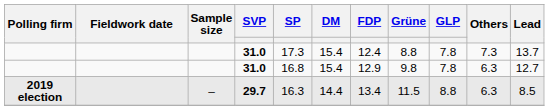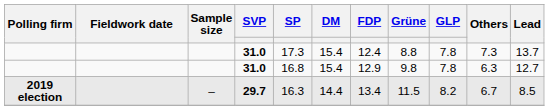 <table class="wikitable sortable" style="text-align:center;font-size:90%;line-height:14px;">
 <tr style="height:40px;">
 <th style="width:80px;" rowspan="2">Polling firm</th>
 <th style="width:130px;" rowspan="2">Fieldwork date</th>
 <th style="width:35px;" rowspan="2">Sample<br>size</th>
 <th class="unsortable" style="width:40px;"><a href='#'>SVP</a></th>
 <th class="unsortable" style="width:40px;"><a href='#'>SP</a></th>
 <th class="unsortable" style="width:40px;"><a href='#'>DM</a></th>
 <th class="unsortable" style="width:40px;"><a href='#'>FDP</a></th>
 <th class="unsortable" style="width:40px;"><a href='#'>Grüne</a></th>
 <th class="unsortable" style="width:40px;"><a href='#'>GLP</a></th>
 <th class="unsortable" style="width:30px;" rowspan="2">Others</th>
 <th style="width:30px;" rowspan="2">Lead</th>
 </tr>
 <tr>
 <th style="background:"></th>
 <th style="background:"></th>
 <th style="background:"></th>
 <th style="background:"></th>
 <th style="background:"></th>
 <th style="background:"></th>
 </tr>
 <tr>
 <td></td>
 <td></td>
 <td></td>
 <td style="background:#"><strong>31.0</strong></td>
 <td>17.3</td>
 <td>15.4</td>
 <td>12.4</td>
 <td>8.8</td>
 <td>7.8</td>
 <td>7.3</td>
 <td style="background:">13.7</td>
 </tr>
 <tr>
 <td></td>
 <td></td>
 <td></td>
 <td style="background:#"><strong>31.0</strong></td>
 <td>16.8</td>
 <td>15.4</td>
 <td>12.9</td>
 <td>9.8</td>
 <td>7.8</td>
 <td>6.3</td>
 <td style="background:">12.7</td>
 </tr>
 <tr style="background:#E9E9E9;">
 <td><strong>2019 election</strong></td>
 <td></td>
 <td>–</td>
 <td style="background:#"><strong>29.7</strong></td>
 <td>16.3</td>
 <td>14.4</td>
 <td>13.4</td>
 <td>11.5</td>
-<td>8.8</td>
-<td>6.3</td>
+<td>8.2</td>
+<td>6.7</td>
 <td style="background:">8.5</td>
 </tr>
 <tr>
 </tr>
 </table>
